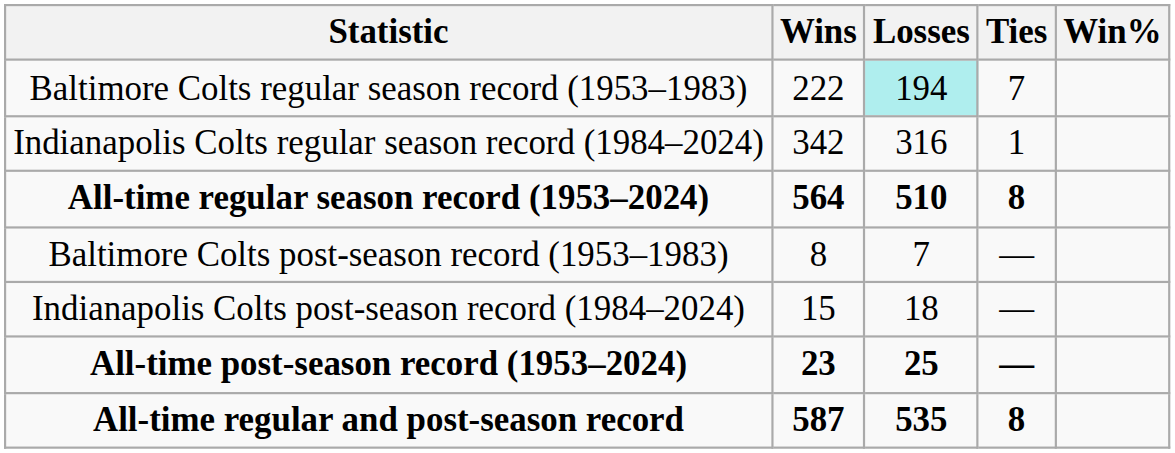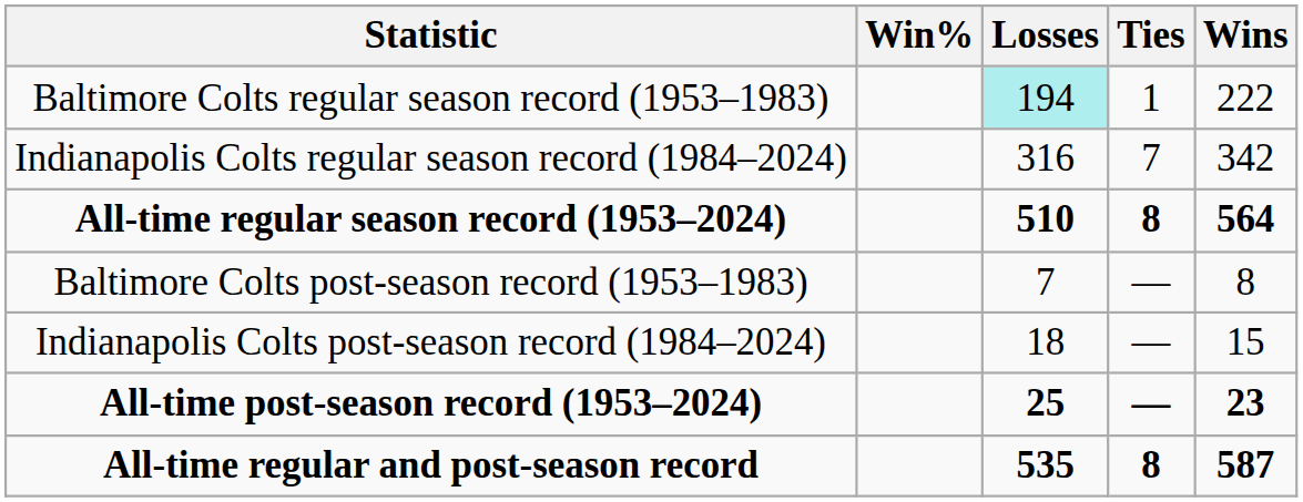 <table class="wikitable" style="text-align:center">
 <tr>
 <th>Statistic</th>
-<th>Wins</th>
+<th>Win%</th>
 <th>Losses</th>
 <th>Ties</th>
-<th>Win%</th>
+<th>Wins</th>
 </tr>
 <tr>
 <td>Baltimore Colts regular season record (1953–1983)</td>
+<td></td>
+<td style="background: paleturquoise;">194</td>
+<td>1</td>
 <td>222</td>
-<td style="background: paleturquoise;">194</td>
-<td>7</td>
-<td></td>
 </tr>
 <tr>
 <td>Indianapolis Colts regular season record (1984–2024)</td>
+<td></td>
+<td>316</td>
+<td>7</td>
 <td>342</td>
-<td>316</td>
-<td>1</td>
-<td></td>
 </tr>
 <tr>
 <td><strong>All-time regular season record (1953–2024)</strong></td>
-<td><strong>564</strong></td>
+<td><strong></strong></td>
 <td><strong>510</strong></td>
 <td><strong>8</strong></td>
-<td><strong></strong></td>
+<td><strong>564</strong></td>
 </tr>
 <tr>
 <td>Baltimore Colts post-season record (1953–1983)</td>
-<td>8</td>
+<td></td>
 <td>7</td>
 <td>—</td>
-<td></td>
+<td>8</td>
 </tr>
 <tr>
 <td>Indianapolis Colts post-season record (1984–2024)</td>
-<td>15</td>
+<td></td>
 <td>18</td>
 <td>—</td>
-<td></td>
+<td>15</td>
 </tr>
 <tr>
 <td><strong>All-time post-season record (1953–2024)</strong></td>
-<td><strong>23</strong></td>
+<td><strong></strong></td>
 <td><strong>25</strong></td>
 <td><strong>—</strong></td>
-<td><strong></strong></td>
+<td><strong>23</strong></td>
 </tr>
 <tr>
 <td><strong>All-time regular and post-season record</strong></td>
-<td><strong>587</strong></td>
+<td><strong></strong></td>
 <td><strong>535</strong></td>
 <td><strong>8</strong></td>
-<td><strong></strong></td>
+<td><strong>587</strong></td>
 </tr>
 </table>
